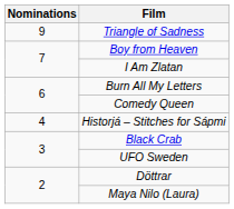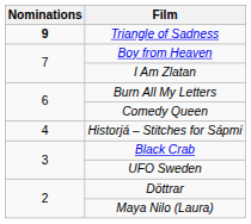 <table class="wikitable plainrowheaders" style="text-align: center;">
 <tr>
 <th scope="col" style="width:55px;">Nominations</th>
 <th scope="col" style="text-align:center;">Film</th>
 </tr>
 <tr>
-<td>9</td>
+<td><strong>9</strong></td>
 <td><em><a href='#'>Triangle of Sadness</a></em></td>
 </tr>
 <tr>
 <td rowspan="2">7</td>
 <td><em><a href='#'>Boy from Heaven</a></em></td>
 </tr>
 <tr>
 <td><em>I Am Zlatan</em></td>
 </tr>
 <tr>
 <td rowspan="2">6</td>
 <td><em>Burn All My Letters</em></td>
 </tr>
 <tr>
 <td><em>Comedy Queen</em></td>
 </tr>
 <tr>
 <td>4</td>
 <td><em>Historjá – Stitches for Sápmi</em></td>
 </tr>
 <tr>
 <td rowspan="2">3</td>
 <td><em><a href='#'>Black Crab</a></em></td>
 </tr>
 <tr>
 <td><em>UFO Sweden</em></td>
 </tr>
 <tr>
 <td rowspan="2">2</td>
 <td><em>Döttrar</em></td>
 </tr>
 <tr>
 <td><em>Maya Nilo (Laura)</em></td>
 </tr>
 </table>
